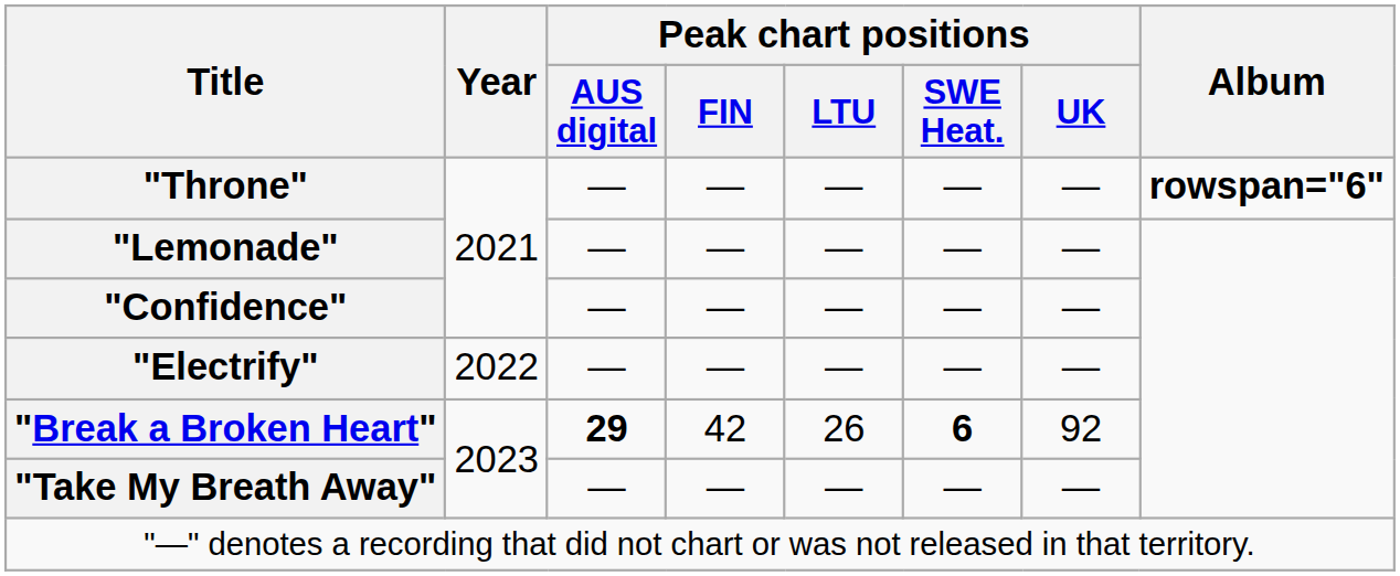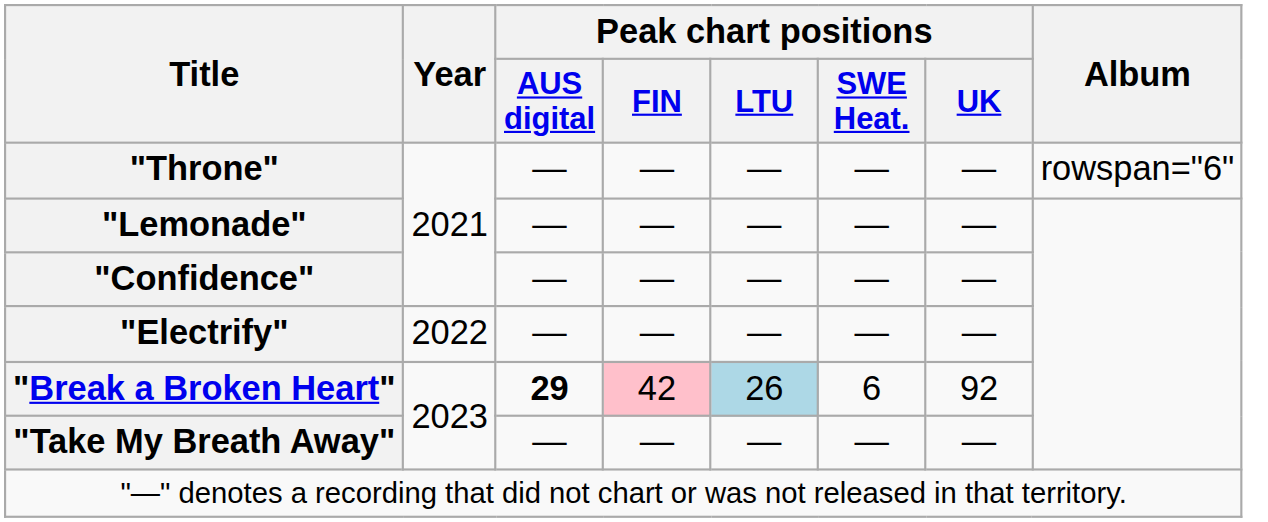 <table class="wikitable plainrowheaders" style="text-align:center;">
 <tr>
 <th scope="col" rowspan="2">Title</th>
 <th scope="col" rowspan="2">Year</th>
 <th scope="col" colspan="5">Peak chart positions</th>
 <th scope="col" rowspan="2">Album</th>
 </tr>
 <tr>
 <th style="width:3em;font-size:90%;"><a href='#'>AUS<br>digital</a><br></th>
 <th style="width:3em;font-size:90%;"><a href='#'>FIN</a><br></th>
 <th style="width:3em;font-size:90%;"><a href='#'>LTU</a><br></th>
 <th style="width:3em;font-size:90%;"><a href='#'>SWE<br>Heat.</a><br></th>
 <th style="width:3em;font-size:90%;"><a href='#'>UK</a><br></th>
 </tr>
 <tr>
 <th scope="row">"Throne"</th>
 <td rowspan="3">2021</td>
 <td>—</td>
 <td>—</td>
 <td>—</td>
 <td>—</td>
 <td>—</td>
-<td><strong>rowspan="6" </strong></td>
+<td>rowspan="6" </td>
 </tr>
 <tr>
 <th scope="row">"Lemonade"</th>
 <td>—</td>
 <td>—</td>
 <td>—</td>
 <td>—</td>
 <td>—</td>
 </tr>
 <tr>
 <th scope="row">"Confidence"</th>
 <td>—</td>
 <td>—</td>
 <td>—</td>
 <td>—</td>
 <td>—</td>
 </tr>
 <tr>
 <th scope="row">"Electrify"</th>
 <td>2022</td>
 <td>—</td>
 <td>—</td>
 <td>—</td>
 <td>—</td>
 <td>—</td>
 </tr>
 <tr>
 <th scope="row">"<a href='#'>Break a Broken Heart</a>"</th>
 <td rowspan="2">2023</td>
 <td><strong>29</strong></td>
-<td>42</td>
-<td>26</td>
-<td><strong>6</strong></td>
+<td style="background: pink;">42</td>
+<td style="background: lightblue;">26</td>
+<td>6</td>
 <td>92</td>
 </tr>
 <tr>
 <th scope="row">"Take My Breath Away"</th>
 <td>—</td>
 <td>—</td>
 <td>—</td>
 <td>—</td>
 <td>—</td>
 </tr>
 <tr>
 <td colspan="8" style="font-size:85%">"—" denotes a recording that did not chart or was not released in that territory.</td>
 </tr>
 </table>
